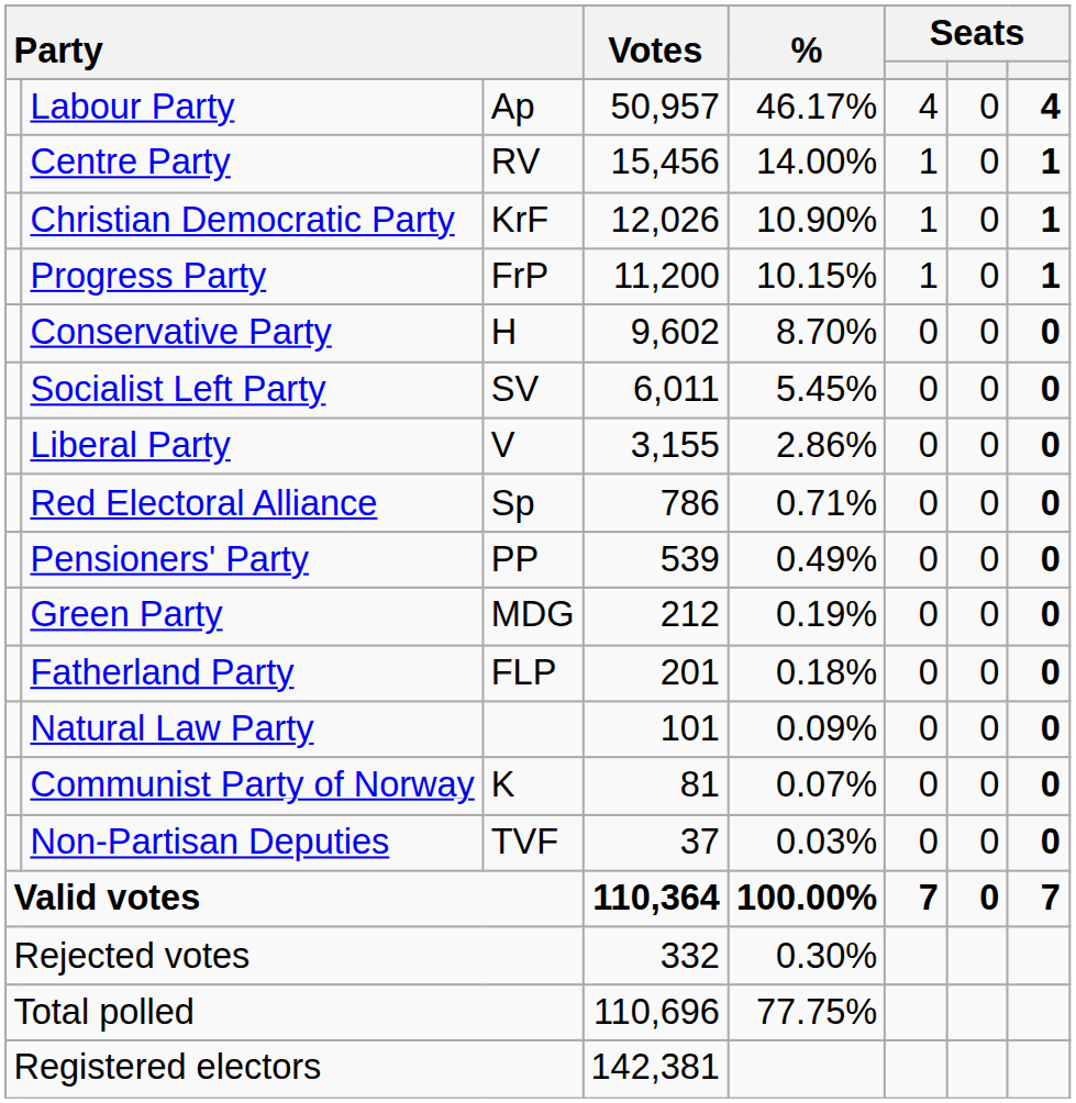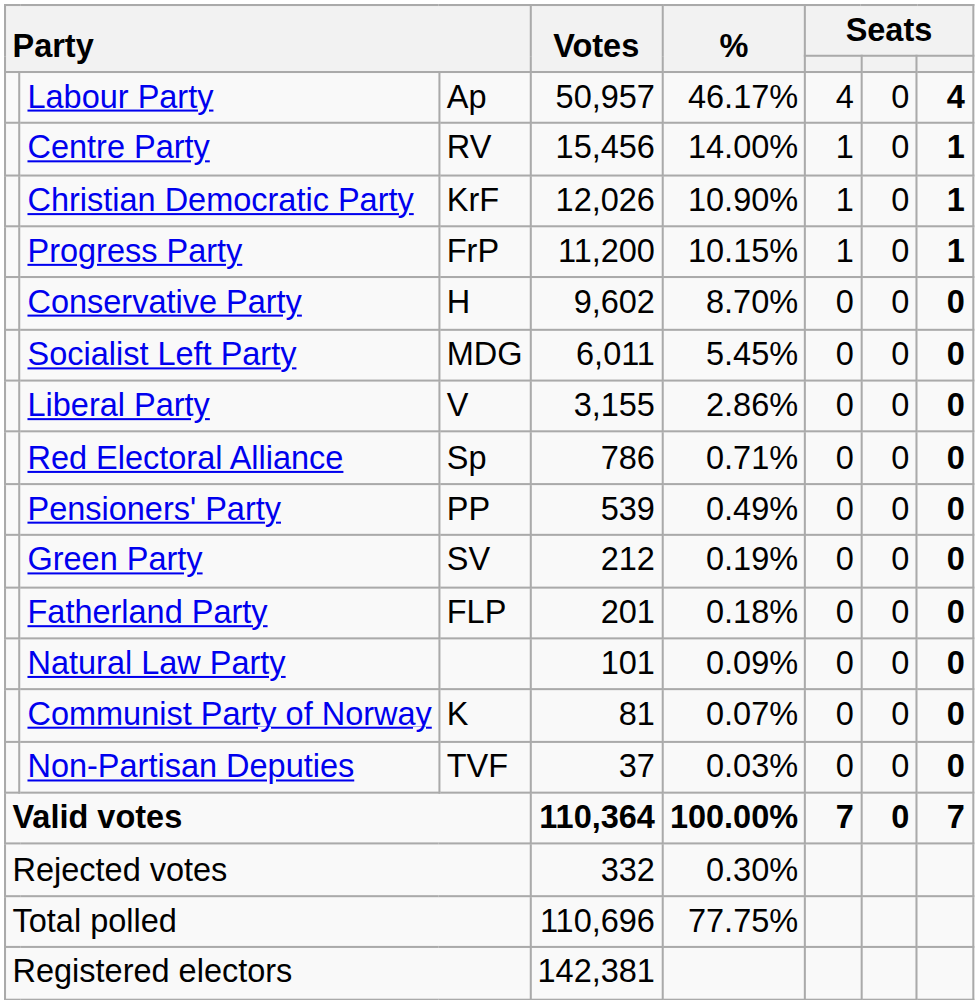 <table class="wikitable" border="1" style="text-align:right;">
 <tr>
 <th style="text-align:left;" valign=bottom rowspan=2 colspan=3>Party</th>
 <th align=center valign=bottom rowspan=2 width="50">Votes</th>
 <th align=center valign=bottom rowspan=2 width="50">%</th>
 <th colspan=3>Seats</th>
 </tr>
 <tr>
 <th align=center valign=bottom width="20"><small></small></th>
 <th align=center valign=bottom width="20"><small><a href='#'></a></small></th>
 <th align=center valign=bottom width="20"><small></small></th>
 </tr>
 <tr>
 <td style="color:inherit;background:"></td>
 <td align=left><a href='#'>Labour Party</a></td>
 <td align=left>Ap</td>
 <td>50,957</td>
 <td>46.17%</td>
 <td>4</td>
 <td>0</td>
 <td><strong>4</strong></td>
 </tr>
 <tr>
 <td style="color:inherit;background:"></td>
 <td align=left><a href='#'>Centre Party</a></td>
 <td align=left>RV</td>
 <td>15,456</td>
 <td>14.00%</td>
 <td>1</td>
 <td>0</td>
 <td><strong>1</strong></td>
 </tr>
 <tr>
 <td style="color:inherit;background:"></td>
 <td align=left><a href='#'>Christian Democratic Party</a></td>
 <td align=left>KrF</td>
 <td>12,026</td>
 <td>10.90%</td>
 <td>1</td>
 <td>0</td>
 <td><strong>1</strong></td>
 </tr>
 <tr>
 <td style="color:inherit;background:"></td>
 <td align=left><a href='#'>Progress Party</a></td>
 <td align=left>FrP</td>
 <td>11,200</td>
 <td>10.15%</td>
 <td>1</td>
 <td>0</td>
 <td><strong>1</strong></td>
 </tr>
 <tr>
 <td style="color:inherit;background:"></td>
 <td align=left><a href='#'>Conservative Party</a></td>
 <td align=left>H</td>
 <td>9,602</td>
 <td>8.70%</td>
 <td>0</td>
 <td>0</td>
 <td><strong>0</strong></td>
 </tr>
 <tr>
 <td style="color:inherit;background:"></td>
 <td align=left><a href='#'>Socialist Left Party</a></td>
-<td align=left>SV</td>
+<td align=left>MDG</td>
 <td>6,011</td>
 <td>5.45%</td>
 <td>0</td>
 <td>0</td>
 <td><strong>0</strong></td>
 </tr>
 <tr>
 <td style="color:inherit;background:"></td>
 <td align=left><a href='#'>Liberal Party</a></td>
 <td align=left>V</td>
 <td>3,155</td>
 <td>2.86%</td>
 <td>0</td>
 <td>0</td>
 <td><strong>0</strong></td>
 </tr>
 <tr>
 <td style="color:inherit;background:"></td>
 <td align=left><a href='#'>Red Electoral Alliance</a></td>
 <td align=left>Sp</td>
 <td>786</td>
 <td>0.71%</td>
 <td>0</td>
 <td>0</td>
 <td><strong>0</strong></td>
 </tr>
 <tr>
 <td style="color:inherit;background:"></td>
 <td align=left><a href='#'>Pensioners' Party</a></td>
 <td align=left>PP</td>
 <td>539</td>
 <td>0.49%</td>
 <td>0</td>
 <td>0</td>
 <td><strong>0</strong></td>
 </tr>
 <tr>
 <td style="color:inherit;background:"></td>
 <td align=left><a href='#'>Green Party</a></td>
-<td align=left>MDG</td>
+<td align=left>SV</td>
 <td>212</td>
 <td>0.19%</td>
 <td>0</td>
 <td>0</td>
 <td><strong>0</strong></td>
 </tr>
 <tr>
 <td style="color:inherit;background:"></td>
 <td align=left><a href='#'>Fatherland Party</a></td>
 <td align=left>FLP</td>
 <td>201</td>
 <td>0.18%</td>
 <td>0</td>
 <td>0</td>
 <td><strong>0</strong></td>
 </tr>
 <tr>
 <td></td>
 <td align=left><a href='#'>Natural Law Party</a></td>
 <td align=left></td>
 <td>101</td>
 <td>0.09%</td>
 <td>0</td>
 <td>0</td>
 <td><strong>0</strong></td>
 </tr>
 <tr>
 <td style="color:inherit;background:"></td>
 <td align=left><a href='#'>Communist Party of Norway</a></td>
 <td align=left>K</td>
 <td>81</td>
 <td>0.07%</td>
 <td>0</td>
 <td>0</td>
 <td><strong>0</strong></td>
 </tr>
 <tr>
 <td></td>
 <td align=left><a href='#'>Non-Partisan Deputies</a></td>
 <td align=left>TVF</td>
 <td>37</td>
 <td>0.03%</td>
 <td>0</td>
 <td>0</td>
 <td><strong>0</strong></td>
 </tr>
 <tr style="font-weight:bold">
 <td align=left colspan=3>Valid votes</td>
 <td>110,364</td>
 <td>100.00%</td>
 <td>7</td>
 <td>0</td>
 <td>7</td>
 </tr>
 <tr>
 <td align=left colspan=3>Rejected votes</td>
 <td>332</td>
 <td>0.30%</td>
 <td></td>
 <td></td>
 <td></td>
 </tr>
 <tr>
 <td align=left colspan=3>Total polled</td>
 <td>110,696</td>
 <td>77.75%</td>
 <td></td>
 <td></td>
 <td></td>
 </tr>
 <tr>
 <td align=left colspan=3>Registered electors</td>
 <td>142,381</td>
 <td></td>
 <td></td>
 <td></td>
 <td></td>
 </tr>
 </table>
